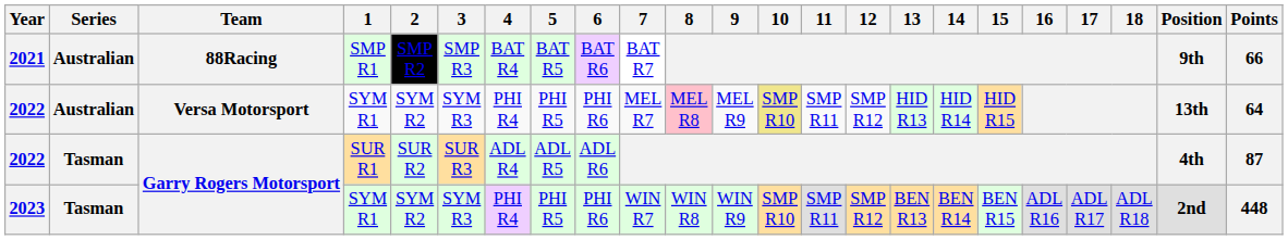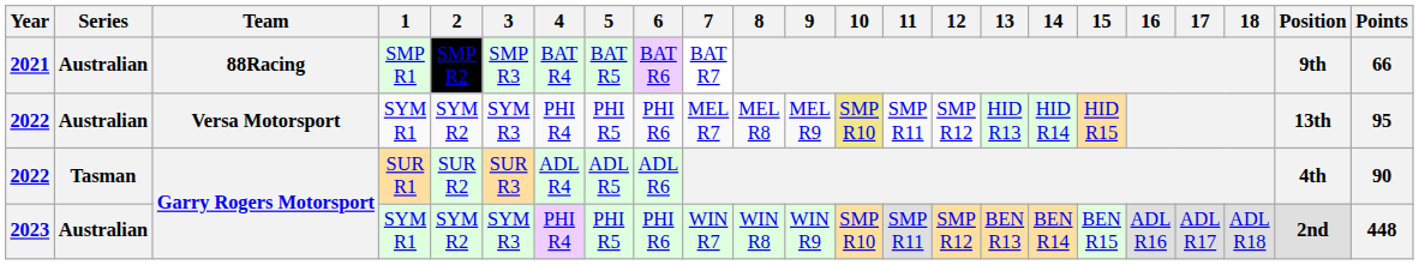 <table class="wikitable" style="text-align:center; font-size:85%">
 <tr>
 <th>Year</th>
 <th>Series</th>
 <th>Team</th>
 <th>1</th>
 <th>2</th>
 <th>3</th>
 <th>4</th>
 <th>5</th>
 <th>6</th>
 <th>7</th>
 <th>8</th>
 <th>9</th>
 <th>10</th>
 <th>11</th>
 <th>12</th>
 <th>13</th>
 <th>14</th>
 <th>15</th>
 <th>16</th>
 <th>17</th>
 <th>18</th>
 <th>Position</th>
 <th>Points</th>
 </tr>
 <tr>
 <th><a href='#'>2021</a></th>
 <th>Australian</th>
 <th>88Racing</th>
 <td style=background:#dfffdf><a href='#'>SMP<br>R1</a><br></td>
 <td style="background:#000000; color:#ffffff"><a href='#'>SMP<br>R2</a><br></td>
 <td style=background:#dfffdf><a href='#'>SMP<br>R3</a><br></td>
 <td style=background:#dfffdf><a href='#'>BAT<br>R4</a><br></td>
 <td style=background:#dfffdf><a href='#'>BAT<br>R5</a><br></td>
 <td style=background:#efcfff><a href='#'>BAT<br>R6</a><br></td>
 <td style=background:#ffffff><a href='#'>BAT<br>R7</a><br></td>
 <th colspan=11></th>
 <th>9th</th>
 <th>66</th>
 </tr>
 <tr>
 <th><a href='#'>2022</a></th>
 <th>Australian</th>
 <th>Versa Motorsport</th>
 <td><a href='#'>SYM<br>R1</a></td>
 <td><a href='#'>SYM<br>R2</a></td>
 <td><a href='#'>SYM<br>R3</a></td>
 <td><a href='#'>PHI<br>R4</a></td>
 <td><a href='#'>PHI<br>R5</a></td>
 <td><a href='#'>PHI<br>R6</a></td>
 <td><a href='#'>MEL<br>R7</a></td>
-<td style="background: pink;"><a href='#'>MEL<br>R8</a></td>
+<td><a href='#'>MEL<br>R8</a></td>
 <td><a href='#'>MEL<br>R9</a></td>
 <td style="background: khaki;"><a href='#'>SMP<br>R10</a></td>
 <td><a href='#'>SMP<br>R11</a></td>
 <td><a href='#'>SMP<br>R12</a></td>
 <td style=background:#dfffdf><a href='#'>HID<br>R13</a><br></td>
 <td style=background:#dfffdf><a href='#'>HID<br>R14</a><br></td>
 <td style=background:#ffdf9f><a href='#'>HID<br>R15</a><br></td>
 <th colspan=3></th>
 <th>13th</th>
-<th>64</th>
+<th>95</th>
 </tr>
 <tr>
 <th><a href='#'>2022</a></th>
 <th>Tasman</th>
 <th rowspan=3><a href='#'>Garry Rogers Motorsport</a></th>
 <td style=background:#ffdf9f><a href='#'>SUR<br>R1</a><br></td>
 <td style=background:#dfffdf><a href='#'>SUR<br>R2</a><br></td>
 <td style=background:#ffdf9f><a href='#'>SUR<br>R3</a><br></td>
 <td style=background:#dfffdf><a href='#'>ADL<br>R4</a><br></td>
 <td style=background:#dfffdf><a href='#'>ADL<br>R5</a><br></td>
 <td style=background:#dfffdf><a href='#'>ADL<br>R6</a><br></td>
 <th colspan=12></th>
 <th>4th</th>
-<th>87</th>
+<th>90</th>
 </tr>
 <tr>
 <th><a href='#'>2023</a></th>
-<th>Tasman</th>
+<th>Australian</th>
 <td style="background:#dfffdf"><a href='#'>SYM<br>R1</a><br></td>
 <td style="background:#dfffdf"><a href='#'>SYM<br>R2</a><br></td>
 <td style="background:#dfffdf"><a href='#'>SYM<br>R3</a><br></td>
 <td style="background:#efcfff"><a href='#'>PHI<br>R4</a><br></td>
 <td style="background:#dfffdf"><a href='#'>PHI<br>R5</a><br></td>
 <td style="background:#dfffdf"><a href='#'>PHI<br>R6</a><br></td>
 <td style="background:#dfffdf"><a href='#'>WIN<br>R7</a><br></td>
 <td style="background:#dfffdf"><a href='#'>WIN<br>R8</a><br></td>
 <td style="background:#dfffdf"><a href='#'>WIN<br>R9</a><br></td>
 <td style="background:#ffdf9f"><a href='#'>SMP<br>R10</a><em><br></em></td>
 <td style="background:#dfdfdf"><a href='#'>SMP<br>R11</a><br></td>
 <td style="background:#ffdf9f"><a href='#'>SMP<br>R12</a><br></td>
 <td style="background:#ffdf9f"><a href='#'>BEN<br>R13</a><br></td>
 <td style="background:#ffdf9f"><a href='#'>BEN<br>R14</a><br></td>
 <td style="background:#dfffdf"><a href='#'>BEN<br>R15</a><br></td>
 <td style="background:#dfdfdf"><a href='#'>ADL<br>R16</a><br></td>
 <td style="background:#dfdfdf"><a href='#'>ADL<br>R17</a><br></td>
 <td style="background:#dfdfdf"><a href='#'>ADL<br>R18</a><br></td>
 <th style="background:#dfdfdf"><strong>2nd</strong></th>
 <th>448</th>
 </tr>
 </table>
